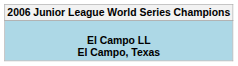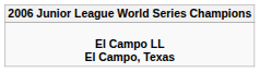 <table class="wikitable" style="text-align: center; margin: 0 auto;">
 <tr>
 <th>2006 Junior League World Series Champions</th>
 </tr>
 <tr>
 </tr>
 <tr>
-<td style="background: lightblue;"><br><strong>El Campo LL</strong><br><strong>El Campo, Texas</strong></td>
+<td><br><strong>El Campo LL</strong><br><strong>El Campo, Texas</strong></td>
 </tr>
 </table>
